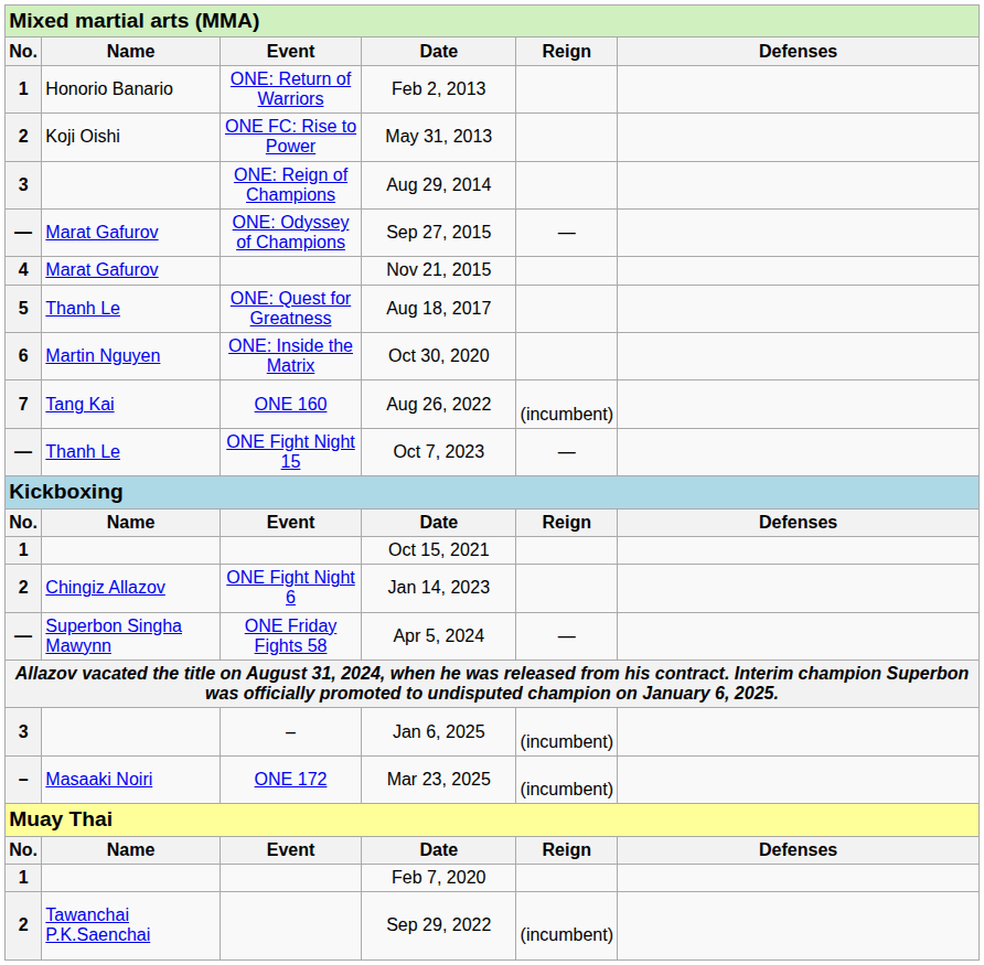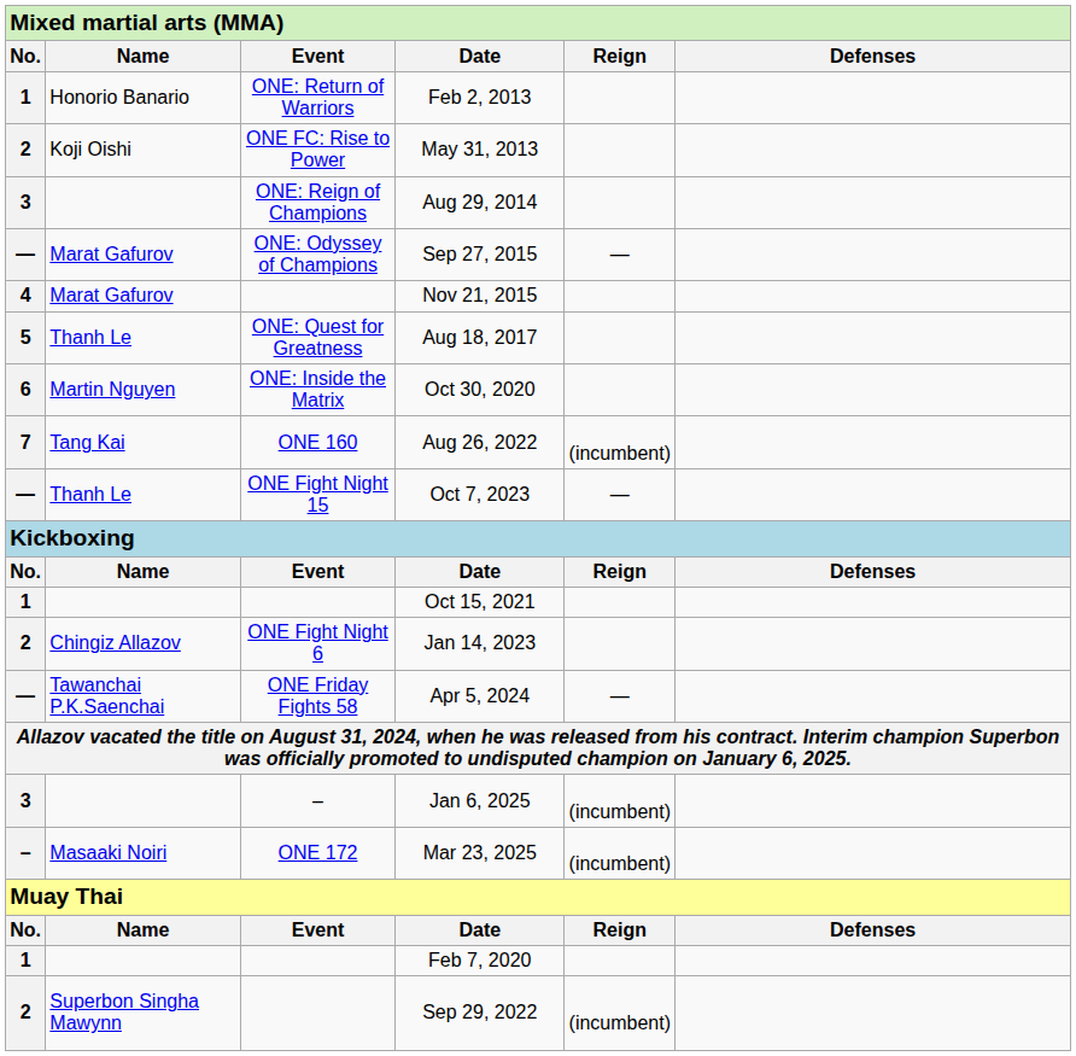 <table class="wikitable" width=100%>
 <tr>
 <td align=left colspan="6" bgcolor="#D0F0C0"><big><strong>Mixed martial arts (MMA)</strong></big></td>
 </tr>
 <tr>
 <th width=1%>No.</th>
 <th width=19%>Name</th>
 <th width=15%>Event</th>
 <th width=17%>Date</th>
 <th width=8%>Reign</th>
 <th width=40%>Defenses</th>
 </tr>
 <tr>
 <th>1</th>
 <td> Honorio Banario<br></td>
 <td align=center><a href='#'>ONE: Return of Warriors</a><br></td>
 <td align=center>Feb 2, 2013</td>
 <td align=center></td>
 <td></td>
 </tr>
 <tr>
 <th>2</th>
 <td> Koji Oishi</td>
 <td align=center><a href='#'>ONE FC: Rise to Power</a><br></td>
 <td align=center>May 31, 2013</td>
 <td align=center></td>
 <td><br></td>
 </tr>
 <tr>
 <th>3</th>
 <td></td>
 <td align=center><a href='#'>ONE: Reign of Champions</a><br></td>
 <td align=center>Aug 29, 2014</td>
 <td align=center></td>
 <td></td>
 </tr>
 <tr>
 <th>—</th>
 <td> <a href='#'>Marat Gafurov</a><br></td>
 <td align=center><a href='#'>ONE: Odyssey of Champions</a><br></td>
 <td align=center>Sep 27, 2015</td>
 <td align=center>—</td>
 <td></td>
 </tr>
 <tr>
 <th>4</th>
 <td> <a href='#'>Marat Gafurov</a></td>
 <td align=center><br></td>
 <td align=center>Nov 21, 2015</td>
 <td align=center></td>
 <td><br></td>
 </tr>
 <tr>
 <th>5</th>
 <td> <a href='#'>Thanh Le</a></td>
 <td align=center><a href='#'>ONE: Quest for Greatness</a><br></td>
 <td align=center>Aug 18, 2017</td>
 <td align=center></td>
 <td><br></td>
 </tr>
 <tr>
 <th>6</th>
 <td> <a href='#'>Martin Nguyen</a></td>
 <td align=center><a href='#'>ONE: Inside the Matrix</a><br></td>
 <td align=center>Oct 30, 2020</td>
 <td align=center></td>
 <td><br><br></td>
 </tr>
 <tr>
 <th>7</th>
 <td> <a href='#'>Tang Kai</a></td>
 <td align=center><a href='#'>ONE 160</a><br></td>
 <td align=center>Aug 26, 2022</td>
 <td align=center><br>(incumbent)<br></td>
 <td><br><br></td>
 </tr>
 <tr>
 <th>—</th>
 <td> <a href='#'>Thanh Le</a><br></td>
 <td align=center><a href='#'>ONE Fight Night 15</a><br></td>
 <td align=center>Oct 7, 2023</td>
 <td align=center>—</td>
 <td></td>
 </tr>
 <tr>
 <td align=left colspan="6" bgcolor="#ADD8E6"><big><strong>Kickboxing</strong></big></td>
 </tr>
 <tr>
 <th width=1%>No.</th>
 <th width=19%>Name</th>
 <th width=15%>Event</th>
 <th width=17%>Date</th>
 <th width=8%>Reign</th>
 <th width=40%>Defenses</th>
 </tr>
 <tr>
 <th>1</th>
 <td><br></td>
 <td align=center><br></td>
 <td align=center>Oct 15, 2021</td>
 <td align=center></td>
 <td></td>
 </tr>
 <tr>
 <th>2</th>
 <td> <a href='#'>Chingiz Allazov</a></td>
 <td align=center><a href='#'>ONE Fight Night 6</a><br></td>
 <td align=center>Jan 14, 2023</td>
 <td align=center></td>
 <td><br></td>
 </tr>
 <tr>
 <th>—</th>
-<td> <a href='#'>Superbon Singha Mawynn</a><br></td>
+<td> <a href='#'>Tawanchai P.K.Saenchai</a></td>
 <td align=center><a href='#'>ONE Friday Fights 58</a><br></td>
 <td align=center>Apr 5, 2024</td>
 <td align=center>—</td>
 <td></td>
 </tr>
 <tr>
 <th colspan=6 align=center><em>Allazov vacated the title on August 31, 2024, when he was released from his contract. Interim champion Superbon was officially promoted to undisputed champion on January 6, 2025.</em></th>
 </tr>
 <tr>
 <th>3</th>
 <td><br></td>
 <td align=center>–</td>
 <td align=center>Jan 6, 2025</td>
 <td align=center><br>(incumbent)<br></td>
 <td></td>
 </tr>
 <tr>
 <th>–</th>
 <td> <a href='#'>Masaaki Noiri</a><br> </td>
 <td align=center><a href='#'>ONE 172</a><br></td>
 <td align=center>Mar 23, 2025</td>
 <td align=center><br>(incumbent)<br></td>
 <td></td>
 </tr>
 <tr>
 <td align=left colspan="6" bgcolor="#FFFF99"><big><strong>Muay Thai</strong></big></td>
 </tr>
 <tr>
 <th width=1%>No.</th>
 <th width=19%>Name</th>
 <th width=15%>Event</th>
 <th width=17%>Date</th>
 <th width=8%>Reign</th>
 <th width=40%>Defenses</th>
 </tr>
 <tr>
 <th>1</th>
 <td><br></td>
 <td align=center><br></td>
 <td align=center>Feb 7, 2020</td>
 <td align=center></td>
 <td><br></td>
 </tr>
 <tr>
 <th>2</th>
-<td> <a href='#'>Tawanchai P.K.Saenchai</a></td>
+<td> <a href='#'>Superbon Singha Mawynn</a><br></td>
 <td align=center><br></td>
 <td align=center>Sep 29, 2022</td>
 <td align=center><br>(incumbent)<br></td>
 <td><br><br> <br> </td>
 </tr>
 </table>
